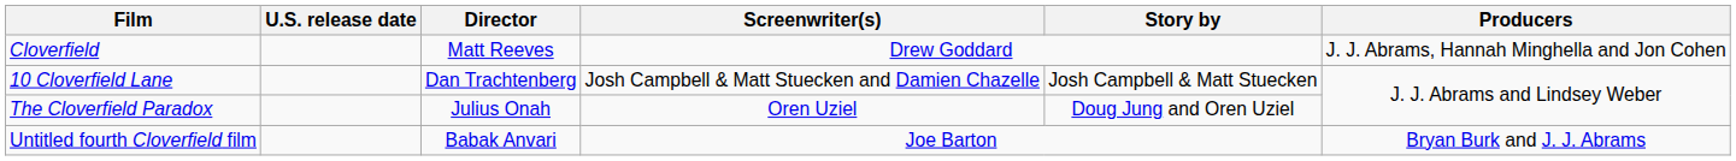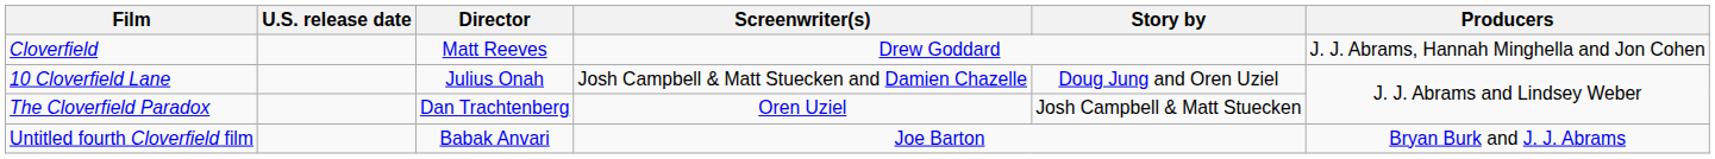 <table class="wikitable plainrowheaders" style="text-align:center">
 <tr>
 <th>Film</th>
 <th>U.S. release date</th>
 <th>Director</th>
 <th>Screenwriter(s)</th>
 <th>Story by</th>
 <th>Producers</th>
 </tr>
 <tr>
 <td style="text-align:left"><em><a href='#'>Cloverfield</a></em></td>
 <td style="text-align:left"></td>
 <td><a href='#'>Matt Reeves</a></td>
 <td colspan="2"><a href='#'>Drew Goddard</a></td>
 <td>J. J. Abrams, Hannah Minghella and Jon Cohen</td>
 </tr>
 <tr>
 <td style="text-align:left"><em><a href='#'>10 Cloverfield Lane</a></em></td>
 <td style="text-align:left"></td>
-<td><a href='#'>Dan Trachtenberg</a></td>
+<td><a href='#'>Julius Onah</a></td>
 <td>Josh Campbell & Matt Stuecken and <a href='#'>Damien Chazelle</a></td>
-<td>Josh Campbell & Matt Stuecken</td>
+<td><a href='#'>Doug Jung</a> and Oren Uziel</td>
 <td rowspan="2">J. J. Abrams and Lindsey Weber</td>
 </tr>
 <tr>
 <td style="text-align:left"><em><a href='#'>The Cloverfield Paradox</a></em></td>
 <td style="text-align:left"></td>
-<td><a href='#'>Julius Onah</a></td>
+<td><a href='#'>Dan Trachtenberg</a></td>
 <td><a href='#'>Oren Uziel</a></td>
-<td><a href='#'>Doug Jung</a> and Oren Uziel</td>
+<td>Josh Campbell & Matt Stuecken</td>
 </tr>
 <tr>
 <td style="text-align:left"><a href='#'>Untitled fourth <em>Cloverfield</em> film</a></td>
 <td></td>
 <td><a href='#'>Babak Anvari</a></td>
 <td colspan="2"><a href='#'>Joe Barton</a></td>
 <td><a href='#'>Bryan Burk</a> and <a href='#'>J. J. Abrams</a></td>
 </tr>
 </table>
